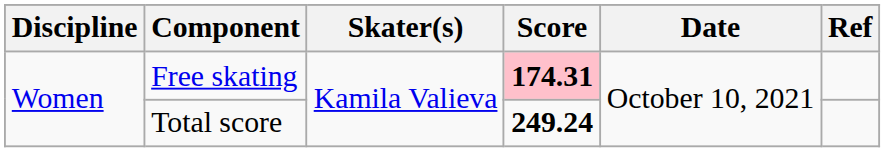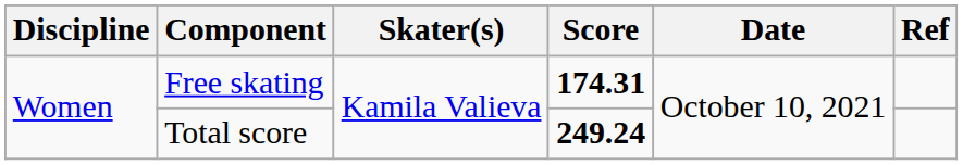 <table class="wikitable sortable">
 <tr>
 <th>Discipline</th>
 <th>Component</th>
 <th>Skater(s)</th>
 <th>Score</th>
 <th>Date</th>
 <th>Ref</th>
 </tr>
 <tr>
 <td rowspan=2><a href='#'>Women</a></td>
 <td><a href='#'>Free skating</a></td>
 <td rowspan=2> <a href='#'>Kamila Valieva</a></td>
-<td align=center style="background: pink;"><strong>174.31</strong></td>
+<td align=center><strong>174.31</strong></td>
 <td rowspan=2>October 10, 2021</td>
 <td></td>
 </tr>
 <tr>
 <td>Total score</td>
 <td align=center><strong>249.24</strong></td>
 <td></td>
 </tr>
 </table>
